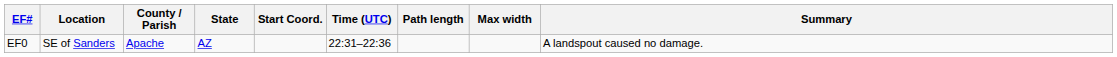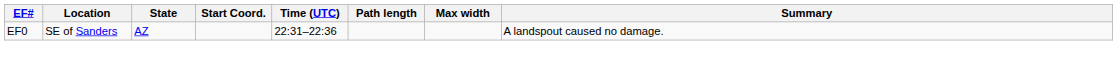 <table class="wikitable sortable" style="width:100%;">
 <tr>
 <th scope="col"  style="width:3%; text-align:center;"><a href='#'>EF#</a></th>
 <th scope="col"  style="width:7%; text-align:center;" class="unsortable">Location</th>
-<th scope="col"  style="width:6%; text-align:center;" class="unsortable">County / Parish</th>
 <th scope="col"  style="width:5%; text-align:center;">State</th>
 <th scope="col"  style="width:6%; text-align:center;">Start Coord.</th>
 <th scope="col"  style="width:6%; text-align:center;">Time (<a href='#'>UTC</a>)</th>
 <th scope="col"  style="width:6%; text-align:center;">Path length</th>
 <th scope="col"  style="width:6%; text-align:center;">Max width</th>
 <th scope="col" class="unsortable" style="width:48%; text-align:center;">Summary</th>
 </tr>
 <tr>
 <td>EF0</td>
 <td>SE of <a href='#'>Sanders</a></td>
-<td><a href='#'>Apache</a></td>
 <td><a href='#'>AZ</a></td>
 <td></td>
 <td>22:31–22:36</td>
 <td></td>
 <td></td>
 <td>A landspout caused no damage.</td>
 </tr>
 </table>
